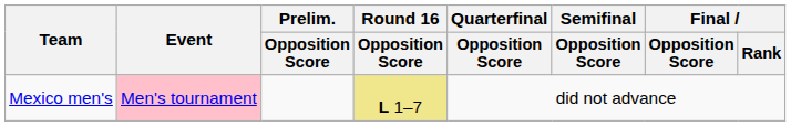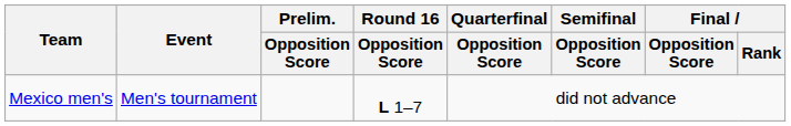 <table class="wikitable" style="font-size:90%">
 <tr>
 <th rowspan=2>Team</th>
 <th rowspan=2>Event</th>
 <th>Prelim.</th>
 <th>Round 16</th>
 <th>Quarterfinal</th>
 <th>Semifinal</th>
 <th colspan=2>Final / </th>
 </tr>
 <tr style="font-size:95%">
 <th>Opposition<br>Score</th>
 <th>Opposition<br>Score</th>
 <th>Opposition<br>Score</th>
 <th>Opposition<br>Score</th>
 <th>Opposition<br>Score</th>
 <th>Rank</th>
 </tr>
 <tr style="text-align:center">
 <td style="text-align:left"><a href='#'>Mexico men's</a></td>
-<td style="background: pink; text-align:left"><a href='#'>Men's tournament</a></td>
+<td style="text-align:left"><a href='#'>Men's tournament</a></td>
 <td></td>
-<td style="background: khaki;"><br><strong>L</strong> 1–7</td>
+<td><br><strong>L</strong> 1–7</td>
 <td colspan=4>did not advance</td>
 </tr>
 </table>
